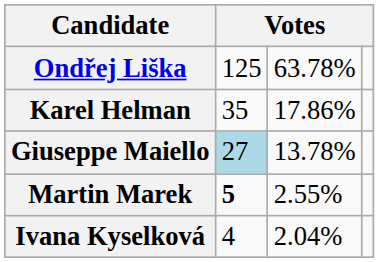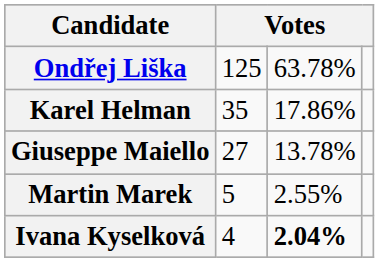 <table class="wikitable">
 <tr>
 <th>Candidate</th>
 <th colspan=3>Votes</th>
 </tr>
 <tr>
 <th><a href='#'>Ondřej Liška</a></th>
 <td>125</td>
 <td>63.78%</td>
 <td></td>
 </tr>
 <tr>
 <th>Karel Helman</th>
 <td>35</td>
 <td>17.86%</td>
 <td></td>
 </tr>
 <tr>
 <th>Giuseppe Maiello</th>
-<td style="background: lightblue;">27</td>
+<td>27</td>
 <td>13.78%</td>
 <td></td>
 </tr>
 <tr>
 <th>Martin Marek</th>
-<td><strong>5</strong></td>
+<td>5</td>
 <td>2.55%</td>
 <td></td>
 </tr>
 <tr>
 <th>Ivana Kyselková</th>
 <td>4</td>
-<td>2.04%</td>
+<td><strong>2.04%</strong></td>
 <td></td>
 </tr>
 </table>
